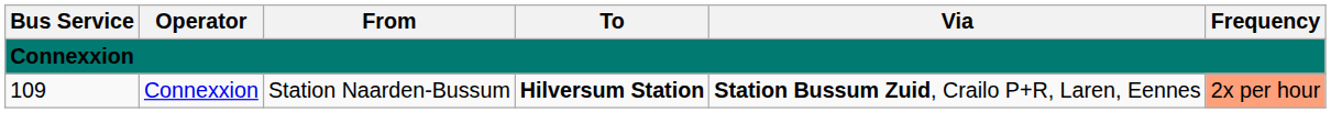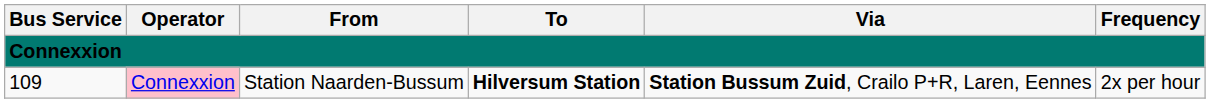 <table class="wikitable vatop">
 <tr>
 <th>Bus Service</th>
 <th>Operator</th>
 <th>From</th>
 <th>To</th>
 <th>Via</th>
 <th>Frequency</th>
 </tr>
 <tr>
 <td colspan="7" style="background-color:#017A71;"><strong><span>Connexxion</span></strong></td>
 </tr>
 <tr>
 <td>109</td>
-<td><a href='#'>Connexxion</a></td>
+<td style="background: pink;"><a href='#'>Connexxion</a></td>
 <td>Station Naarden-Bussum</td>
 <td><strong>Hilversum Station</strong></td>
 <td><strong>Station Bussum Zuid</strong>, Crailo P+R, Laren, Eennes</td>
-<td style="background: lightsalmon;">2x per hour</td>
+<td>2x per hour</td>
 </tr>
 </table>
